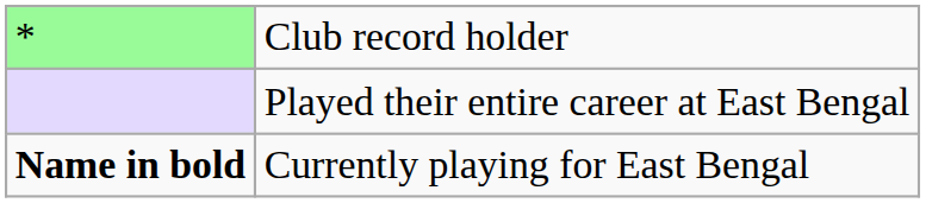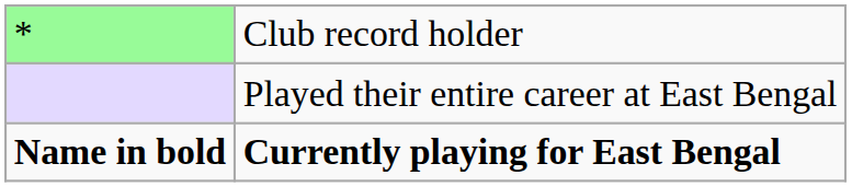 <table class="wikitable">
 <tr>
 <td style="background:#98fb98;">*</td>
 <td>Club record holder</td>
 </tr>
 <tr>
 <td style="background:#e3d9ff;"></td>
 <td>Played their entire career at East Bengal</td>
 </tr>
 <tr>
 <td><strong>Name in bold</strong></td>
-<td>Currently playing for East Bengal</td>
+<td><strong>Currently playing for East Bengal</strong></td>
 </tr>
 </table>
